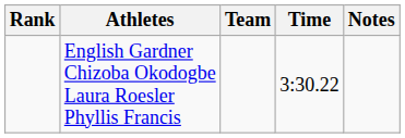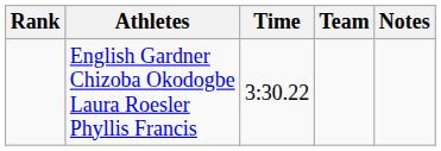 <table class="wikitable sortable">
 <tr>
 <th>Rank</th>
 <th>Athletes</th>
+<th>Time</th>
 <th>Team</th>
-<th>Time</th>
 <th>Notes</th>
 </tr>
 <tr>
 <td align=center></td>
 <td><a href='#'>English Gardner</a><br><a href='#'>Chizoba Okodogbe</a><br><a href='#'>Laura Roesler</a><br><a href='#'>Phyllis Francis</a></td>
+<td>3:30.22</td>
 <td></td>
-<td>3:30.22</td>
 <td></td>
 </tr>
 </table>
